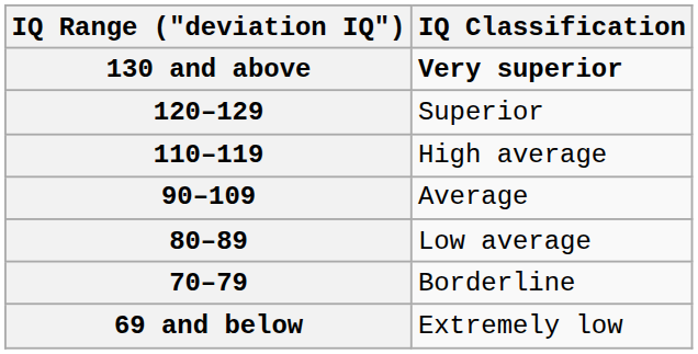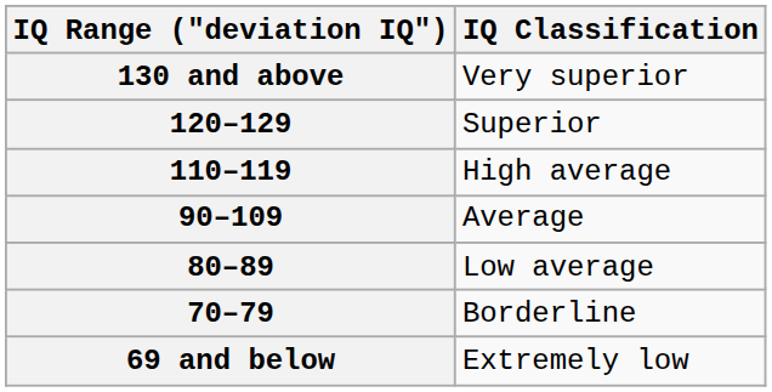 <table class="wikitable">
 <tr>
 <th>IQ Range ("deviation IQ")</th>
 <th>IQ Classification</th>
 </tr>
 <tr>
 <th>130 and above</th>
-<td><strong>Very superior</strong></td>
+<td>Very superior</td>
 </tr>
 <tr>
 <th>120–129</th>
 <td>Superior</td>
 </tr>
 <tr>
 <th>110–119</th>
 <td>High average</td>
 </tr>
 <tr>
 <th>90–109</th>
 <td>Average</td>
 </tr>
 <tr>
 <th>80–89</th>
 <td>Low average</td>
 </tr>
 <tr>
 <th>70–79</th>
 <td>Borderline</td>
 </tr>
 <tr>
 <th>69 and below</th>
 <td>Extremely low</td>
 </tr>
 </table>
